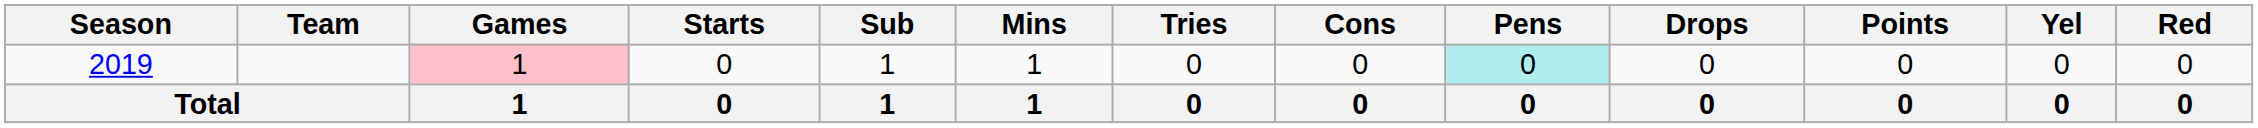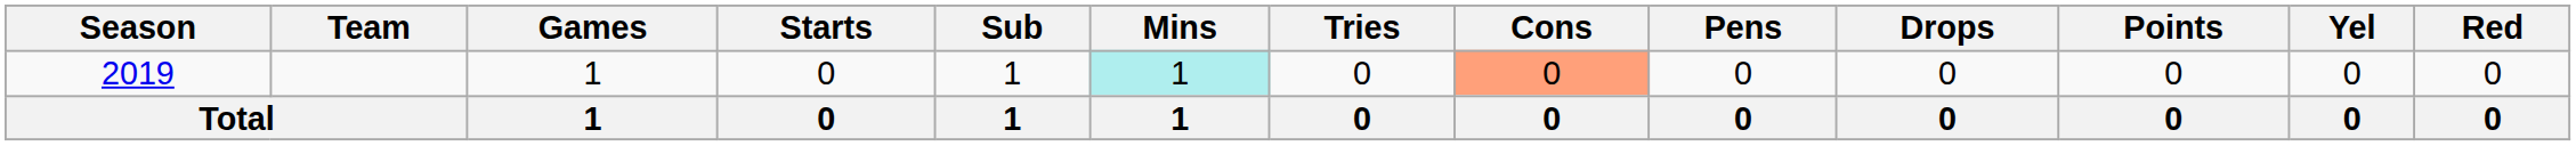 <table class="wikitable" style="text-align:center; line-height:90%; font-size:95%; width:60%;">
 <tr>
 <th>Season</th>
 <th>Team</th>
 <th>Games</th>
 <th>Starts</th>
 <th>Sub</th>
 <th>Mins</th>
 <th>Tries</th>
 <th>Cons</th>
 <th>Pens</th>
 <th>Drops</th>
 <th>Points</th>
 <th>Yel</th>
 <th>Red</th>
 </tr>
 <tr>
 <td><a href='#'>2019</a></td>
 <td></td>
-<td style="background: pink;">1</td>
+<td>1</td>
 <td>0</td>
 <td>1</td>
-<td>1</td>
+<td style="background: paleturquoise;">1</td>
 <td>0</td>
+<td style="background: lightsalmon;">0</td>
 <td>0</td>
-<td style="background: paleturquoise;">0</td>
 <td>0</td>
 <td>0</td>
 <td>0</td>
 <td>0</td>
 </tr>
 <tr>
 <th colspan="2">Total</th>
 <th>1</th>
 <th>0</th>
 <th>1</th>
 <th>1</th>
 <th>0</th>
 <th>0</th>
 <th>0</th>
 <th>0</th>
 <th>0</th>
 <th>0</th>
 <th>0</th>
 </tr>
 </table>
